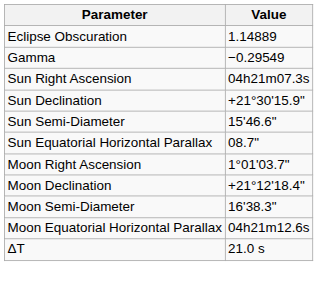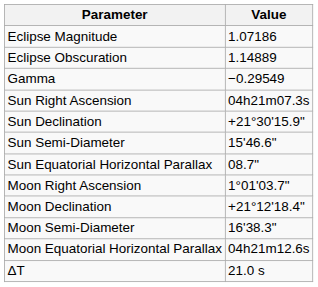 <table class="wikitable">
 <tr>
 <th>Parameter</th>
 <th>Value</th>
+</tr>
+<tr>
+<td>Eclipse Magnitude</td>
+<td>1.07186</td>
 </tr>
 <tr>
 <td>Eclipse Obscuration</td>
 <td>1.14889</td>
 </tr>
 <tr>
 <td>Gamma</td>
 <td>−0.29549</td>
 </tr>
 <tr>
 <td>Sun Right Ascension</td>
 <td>04h21m07.3s</td>
 </tr>
 <tr>
 <td>Sun Declination</td>
 <td>+21°30'15.9"</td>
 </tr>
 <tr>
 <td>Sun Semi-Diameter</td>
 <td>15'46.6"</td>
 </tr>
 <tr>
 <td>Sun Equatorial Horizontal Parallax</td>
 <td>08.7"</td>
 </tr>
 <tr>
 <td>Moon Right Ascension</td>
 <td>1°01'03.7"</td>
 </tr>
 <tr>
 <td>Moon Declination</td>
 <td>+21°12'18.4"</td>
 </tr>
 <tr>
 <td>Moon Semi-Diameter</td>
 <td>16'38.3"</td>
 </tr>
 <tr>
 <td>Moon Equatorial Horizontal Parallax</td>
 <td>04h21m12.6s</td>
 </tr>
 <tr>
 <td>ΔT</td>
 <td>21.0 s</td>
 </tr>
 </table>
